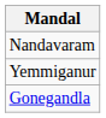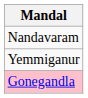 <table class="wikitable sortable static-row-numbers static-row-header-hash">
 <tr>
 <th>Mandal</th>
 </tr>
 <tr>
 <td>Nandavaram</td>
 </tr>
 <tr>
 <td>Yemmiganur</td>
 </tr>
 <tr>
-<td><a href='#'>Gonegandla</a></td>
+<td style="background: pink;"><a href='#'>Gonegandla</a></td>
 </tr>
 </table>
